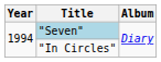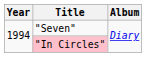 <table class="wikitable">
 <tr>
 <th>Year</th>
 <th>Title</th>
 <th>Album</th>
 </tr>
 <tr>
 <td rowspan="2">1994</td>
-<td style="background: lightblue;">"Seven"</td>
+<td>"Seven"</td>
 <td rowspan="2"><em><a href='#'>Diary</a></em></td>
 </tr>
 <tr>
-<td>"In Circles"</td>
+<td style="background: pink;">"In Circles"</td>
 </tr>
 </table>
